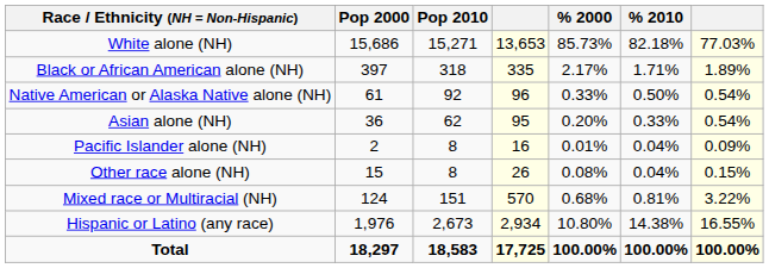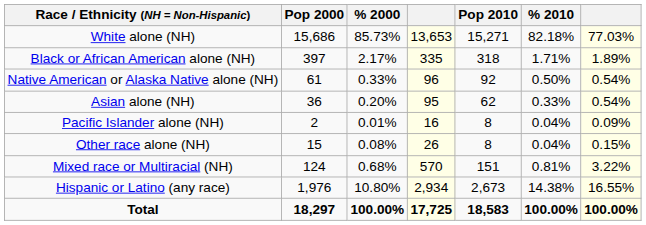 <table class="wikitable" style="text-align:center;">
 <tr>
 <th>Race / Ethnicity <small>(<em>NH = Non-Hispanic</em>)</small></th>
 <th>Pop 2000</th>
+<th>% 2000</th>
+<th></th>
 <th>Pop 2010</th>
-<th></th>
-<th>% 2000</th>
 <th>% 2010</th>
 <th></th>
 </tr>
 <tr>
 <td><a href='#'>White</a> alone (NH)</td>
 <td>15,686</td>
+<td>85.73%</td>
+<td style='background: #ffffe6;'>13,653</td>
 <td>15,271</td>
-<td style='background: #ffffe6;'>13,653</td>
-<td>85.73%</td>
 <td>82.18%</td>
 <td style='background: #ffffe6;'>77.03%</td>
 </tr>
 <tr>
 <td><a href='#'>Black or African American</a> alone (NH)</td>
 <td>397</td>
+<td>2.17%</td>
+<td style='background: #ffffe6;'>335</td>
 <td>318</td>
-<td style='background: #ffffe6;'>335</td>
-<td>2.17%</td>
 <td>1.71%</td>
 <td style='background: #ffffe6;'>1.89%</td>
 </tr>
 <tr>
 <td><a href='#'>Native American</a> or <a href='#'>Alaska Native</a> alone (NH)</td>
 <td>61</td>
+<td>0.33%</td>
+<td style='background: #ffffe6;'>96</td>
 <td>92</td>
-<td style='background: #ffffe6;'>96</td>
-<td>0.33%</td>
 <td>0.50%</td>
 <td style='background: #ffffe6;'>0.54%</td>
 </tr>
 <tr>
 <td><a href='#'>Asian</a> alone (NH)</td>
 <td>36</td>
+<td>0.20%</td>
+<td style='background: #ffffe6;'>95</td>
 <td>62</td>
-<td style='background: #ffffe6;'>95</td>
-<td>0.20%</td>
 <td>0.33%</td>
 <td style='background: #ffffe6;'>0.54%</td>
 </tr>
 <tr>
 <td><a href='#'>Pacific Islander</a> alone (NH)</td>
 <td>2</td>
+<td>0.01%</td>
+<td style='background: #ffffe6;'>16</td>
 <td>8</td>
-<td style='background: #ffffe6;'>16</td>
-<td>0.01%</td>
 <td>0.04%</td>
 <td style='background: #ffffe6;'>0.09%</td>
 </tr>
 <tr>
 <td><a href='#'>Other race</a> alone (NH)</td>
 <td>15</td>
+<td>0.08%</td>
+<td style='background: #ffffe6;'>26</td>
 <td>8</td>
-<td style='background: #ffffe6;'>26</td>
-<td>0.08%</td>
 <td>0.04%</td>
 <td style='background: #ffffe6;'>0.15%</td>
 </tr>
 <tr>
 <td><a href='#'>Mixed race or Multiracial</a> (NH)</td>
 <td>124</td>
+<td>0.68%</td>
+<td style='background: #ffffe6;'>570</td>
 <td>151</td>
-<td style='background: #ffffe6;'>570</td>
-<td>0.68%</td>
 <td>0.81%</td>
 <td style='background: #ffffe6;'>3.22%</td>
 </tr>
 <tr>
 <td><a href='#'>Hispanic or Latino</a> (any race)</td>
 <td>1,976</td>
+<td>10.80%</td>
+<td style='background: #ffffe6;'>2,934</td>
 <td>2,673</td>
-<td style='background: #ffffe6;'>2,934</td>
-<td>10.80%</td>
 <td>14.38%</td>
 <td style='background: #ffffe6;'>16.55%</td>
 </tr>
 <tr>
 <td><strong>Total</strong></td>
 <td><strong>18,297</strong></td>
+<td><strong>100.00%</strong></td>
+<td style='background: #ffffe6;'><strong>17,725</strong></td>
 <td><strong>18,583</strong></td>
-<td style='background: #ffffe6;'><strong>17,725</strong></td>
-<td><strong>100.00%</strong></td>
 <td><strong>100.00%</strong></td>
 <td style='background: #ffffe6;'><strong>100.00%</strong></td>
 </tr>
 </table>
